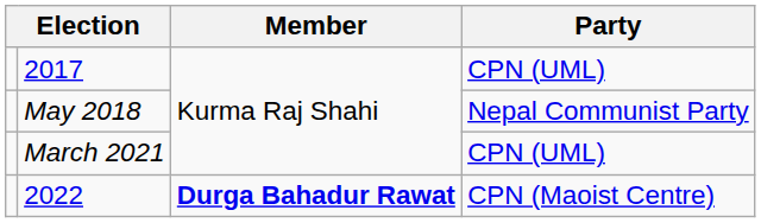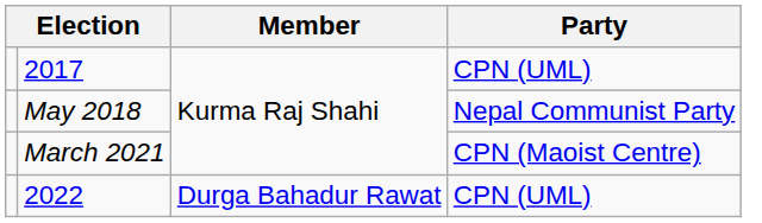 <table class="wikitable">
 <tr>
 <th colspan="2">Election</th>
 <th>Member</th>
 <th>Party</th>
 </tr>
 <tr>
 <td style="color:inherit;background:"></td>
 <td><a href='#'>2017</a></td>
 <td rowspan="3">Kurma Raj Shahi</td>
 <td><a href='#'>CPN (UML)</a></td>
 </tr>
 <tr>
 <td style="color:inherit;background:"></td>
 <td><em>May 2018</em></td>
 <td><a href='#'>Nepal Communist Party</a></td>
 </tr>
 <tr>
 <td style="color:inherit;background:"></td>
 <td><em>March 2021</em></td>
-<td><a href='#'>CPN (UML)</a></td>
+<td><a href='#'>CPN (Maoist Centre)</a></td>
 </tr>
 <tr>
 <td style="color:inherit;background:"></td>
 <td><a href='#'>2022</a></td>
-<td><strong><a href='#'>Durga Bahadur Rawat</a></strong></td>
-<td><a href='#'>CPN (Maoist Centre)</a></td>
+<td><a href='#'>Durga Bahadur Rawat</a></td>
+<td><a href='#'>CPN (UML)</a></td>
 </tr>
 </table>
